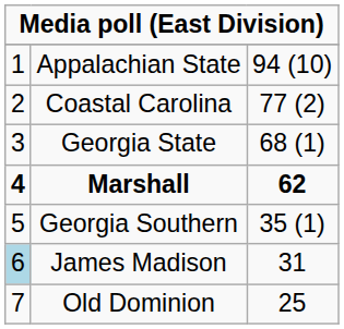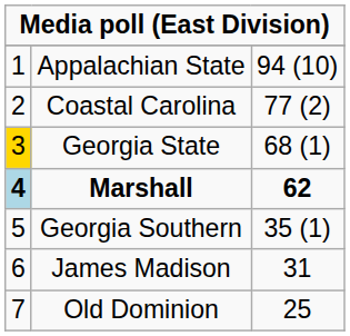 <table class="wikitable" style="display: inline-table;">
 <tr>
 <td align="center" Colspan="3"><strong>Media poll (East Division)</strong></td>
 </tr>
 <tr align="center">
 </tr>
 <tr align="center">
 <td>1</td>
 <td>Appalachian State</td>
 <td>94 (10)</td>
 </tr>
 <tr align="center">
 <td>2</td>
 <td>Coastal Carolina</td>
 <td>77 (2)</td>
 </tr>
 <tr align="center">
-<td>3</td>
+<td style="background: gold;">3</td>
 <td>Georgia State</td>
 <td>68 (1)</td>
 </tr>
 <tr align="center">
-<td><strong>4</strong></td>
+<td style="background: lightblue;"><strong>4</strong></td>
 <td><strong>Marshall</strong></td>
 <td><strong>62</strong></td>
 </tr>
 <tr align="center">
 <td>5</td>
 <td>Georgia Southern</td>
 <td>35 (1)</td>
 </tr>
 <tr align="center">
-<td style="background: lightblue;">6</td>
+<td>6</td>
 <td>James Madison</td>
 <td>31</td>
 </tr>
 <tr align="center">
 <td>7</td>
 <td>Old Dominion</td>
 <td>25</td>
 </tr>
 </table>
